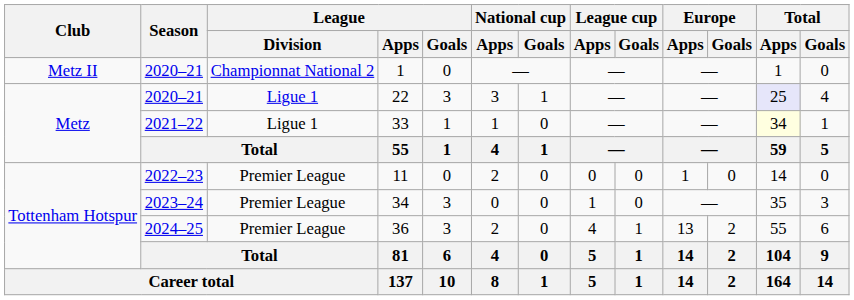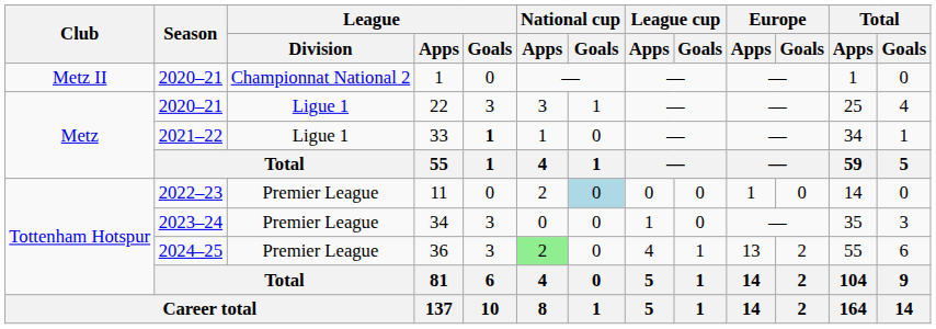 <table class="wikitable" style="text-align:center">
 <tr>
 <th rowspan="2">Club</th>
 <th rowspan="2">Season</th>
 <th colspan="3">League</th>
 <th colspan="2">National cup</th>
 <th colspan="2">League cup</th>
 <th colspan="2">Europe</th>
 <th colspan="2">Total</th>
 </tr>
 <tr>
 <th>Division</th>
 <th>Apps</th>
 <th>Goals</th>
 <th>Apps</th>
 <th>Goals</th>
 <th>Apps</th>
 <th>Goals</th>
 <th>Apps</th>
 <th>Goals</th>
 <th>Apps</th>
 <th>Goals</th>
 </tr>
 <tr>
 <td><a href='#'>Metz II</a></td>
 <td><a href='#'>2020–21</a></td>
 <td><a href='#'>Championnat National 2</a></td>
 <td>1</td>
 <td>0</td>
 <td colspan="2">—</td>
 <td colspan="2">—</td>
 <td colspan="2">—</td>
 <td>1</td>
 <td>0</td>
 </tr>
 <tr>
 <td rowspan="3"><a href='#'>Metz</a></td>
 <td><a href='#'>2020–21</a></td>
 <td><a href='#'>Ligue 1</a></td>
 <td>22</td>
 <td>3</td>
 <td>3</td>
 <td>1</td>
 <td colspan="2">—</td>
 <td colspan="2">—</td>
-<td style="background: lavender;">25</td>
+<td>25</td>
 <td>4</td>
 </tr>
 <tr>
 <td><a href='#'>2021–22</a></td>
 <td>Ligue 1</td>
 <td>33</td>
-<td>1</td>
+<td><strong>1</strong></td>
 <td>1</td>
 <td>0</td>
 <td colspan="2">—</td>
 <td colspan="2">—</td>
-<td style="background: lightyellow;">34</td>
+<td>34</td>
 <td>1</td>
 </tr>
 <tr>
 <th colspan="2">Total</th>
 <th>55</th>
 <th>1</th>
 <th>4</th>
 <th>1</th>
 <th colspan="2">—</th>
 <th colspan="2">—</th>
 <th>59</th>
 <th>5</th>
 </tr>
 <tr>
 <td rowspan="4"><a href='#'>Tottenham Hotspur</a></td>
 <td><a href='#'>2022–23</a></td>
 <td>Premier League</td>
 <td>11</td>
 <td>0</td>
 <td>2</td>
-<td>0</td>
+<td style="background: lightblue;">0</td>
 <td>0</td>
 <td>0</td>
 <td>1</td>
 <td>0</td>
 <td>14</td>
 <td>0</td>
 </tr>
 <tr>
 <td><a href='#'>2023–24</a></td>
 <td>Premier League</td>
 <td>34</td>
 <td>3</td>
 <td>0</td>
 <td>0</td>
 <td>1</td>
 <td>0</td>
 <td colspan="2">—</td>
 <td>35</td>
 <td>3</td>
 </tr>
 <tr>
 <td><a href='#'>2024–25</a></td>
 <td>Premier League</td>
 <td>36</td>
 <td>3</td>
-<td>2</td>
+<td style="background: lightgreen;">2</td>
 <td>0</td>
 <td>4</td>
 <td>1</td>
 <td>13</td>
 <td>2</td>
 <td>55</td>
 <td>6</td>
 </tr>
 <tr>
 <th colspan="2">Total</th>
 <th>81</th>
 <th>6</th>
 <th>4</th>
 <th>0</th>
 <th>5</th>
 <th>1</th>
 <th>14</th>
 <th>2</th>
 <th>104</th>
 <th>9</th>
 </tr>
 <tr>
 <th colspan="3">Career total</th>
 <th>137</th>
 <th>10</th>
 <th>8</th>
 <th>1</th>
 <th>5</th>
 <th>1</th>
 <th>14</th>
 <th>2</th>
 <th>164</th>
 <th>14</th>
 </tr>
 </table>
